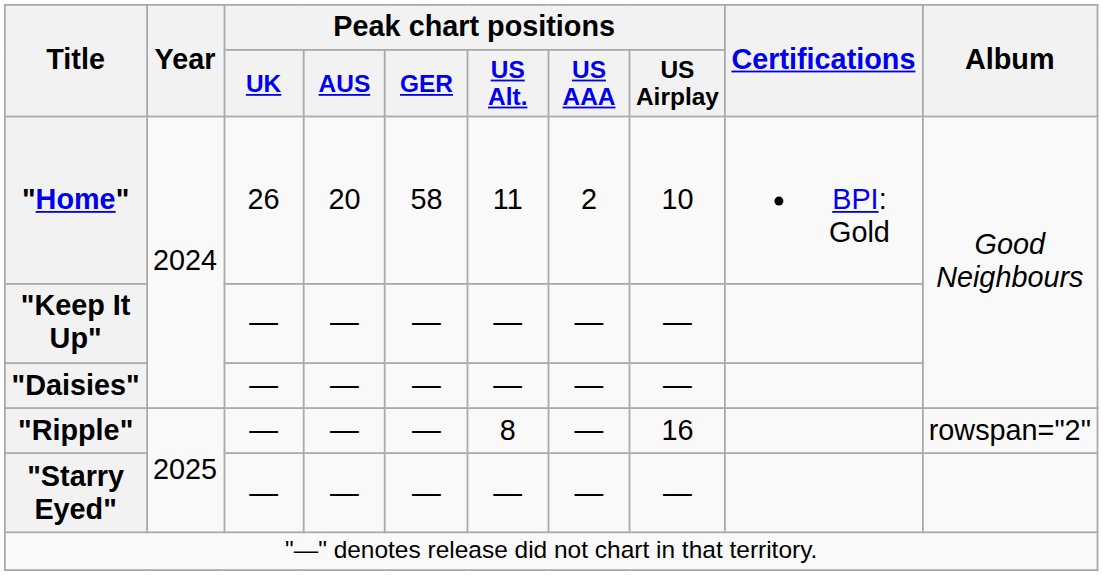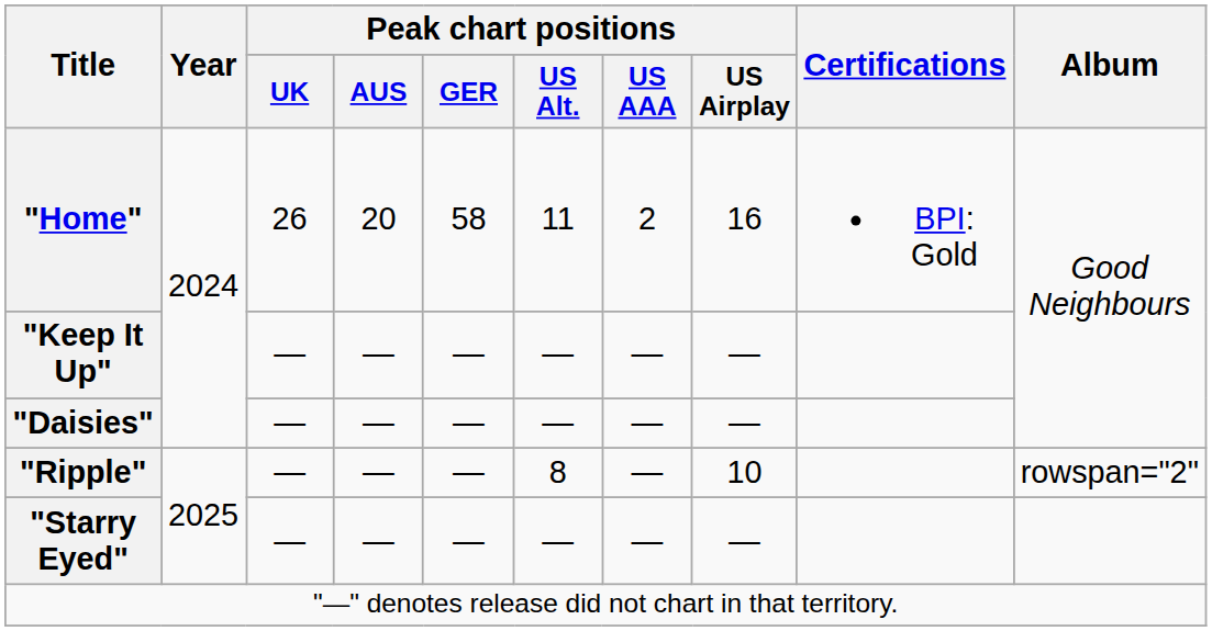 <table class="wikitable plainrowheaders" style="text-align:center;">
 <tr>
 <th scope="col" rowspan="2">Title</th>
 <th scope="col" rowspan="2">Year</th>
 <th scope="col" colspan="6">Peak chart positions</th>
 <th scope="col" rowspan="2"><a href='#'>Certifications</a></th>
 <th scope="col" rowspan="2">Album</th>
 </tr>
 <tr>
 <th scope="col" style="width:3em;font-size:85%"><a href='#'>UK</a><br></th>
 <th scope="col" style="width:3em;font-size:85%;"><a href='#'>AUS</a><br></th>
 <th scope="col" style="width:3em;font-size:85%;"><a href='#'>GER</a><br></th>
 <th scope="col" style="width:3em;font-size:85%;"><a href='#'>US<br>Alt.</a><br></th>
 <th scope="col" style="width:3em;font-size:85%;"><a href='#'>US<br>AAA</a></th>
 <th scope="col" style="width:3em;font-size:85%;">US<br>Airplay</th>
 </tr>
 <tr>
 <th scope="row">"<a href='#'>Home</a>"</th>
 <td rowspan="3">2024</td>
 <td>26</td>
 <td>20</td>
 <td>58</td>
 <td>11</td>
 <td>2</td>
-<td>10</td>
+<td>16</td>
 <td><br><ul><li><a href='#'>BPI</a>: Gold</li></ul></td>
 <td rowspan="3"><em>Good Neighbours</em></td>
 </tr>
 <tr>
 <th scope="row">"Keep It Up"</th>
 <td>—</td>
 <td>—</td>
 <td>—</td>
 <td>—</td>
 <td>—</td>
 <td>—</td>
 <td></td>
 </tr>
 <tr>
 <th scope="row">"Daisies"</th>
 <td>—</td>
 <td>—</td>
 <td>—</td>
 <td>—</td>
 <td>—</td>
 <td>—</td>
 <td></td>
 </tr>
 <tr>
 <th scope="row">"Ripple"</th>
 <td rowspan="2">2025</td>
 <td>—</td>
 <td>—</td>
 <td>—</td>
 <td>8</td>
 <td>—</td>
-<td>16</td>
+<td>10</td>
 <td></td>
 <td>rowspan="2" </td>
 </tr>
 <tr>
 <th scope="row">"Starry Eyed"</th>
 <td>—</td>
 <td>—</td>
 <td>—</td>
 <td>—</td>
 <td>—</td>
 <td>—</td>
 <td></td>
 </tr>
 <tr>
 <td colspan="10" style="font-size:85%">"—" denotes release did not chart in that territory.</td>
 </tr>
 </table>
